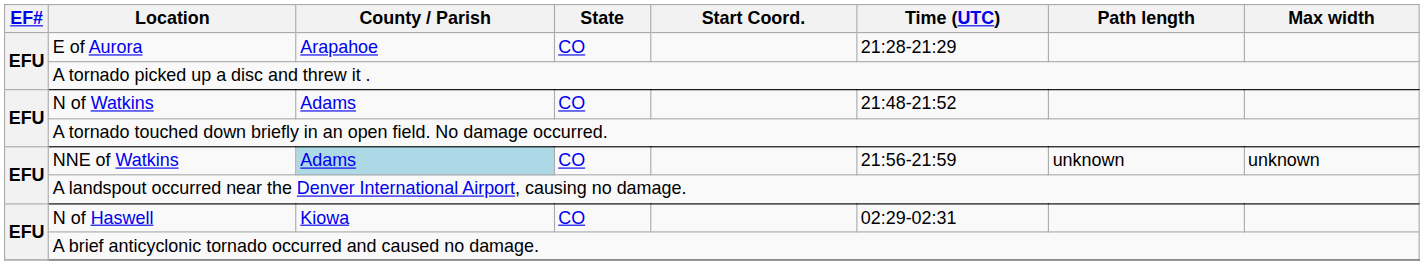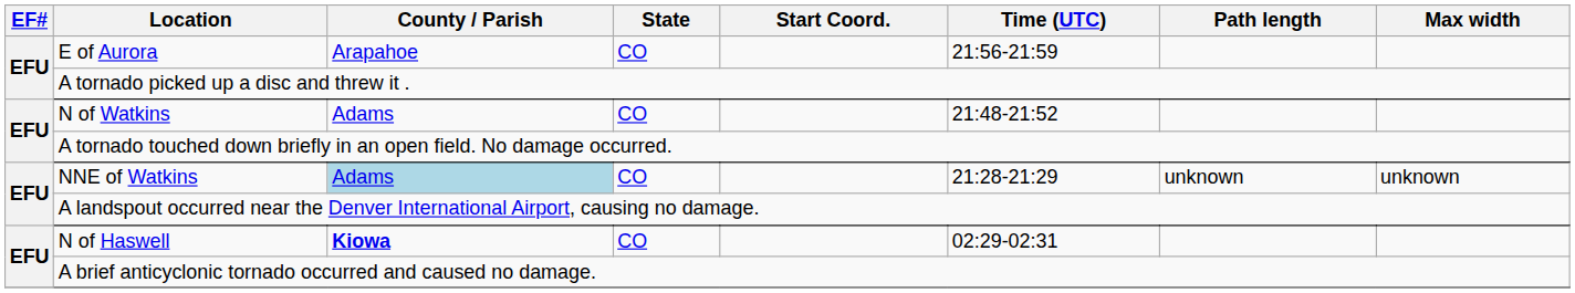 <table class="wikitable sortable" style="width:100%;">
 <tr>
 <th scope="col" width="2%" align="center"><a href='#'>EF#</a></th>
 <th scope="col" align="center" class="unsortable">Location</th>
 <th scope="col" align="center" class="unsortable">County / Parish</th>
 <th scope="col" align="center">State</th>
 <th scope="col" align="center">Start Coord.</th>
 <th scope="col" align="center">Time (<a href='#'>UTC</a>)</th>
 <th scope="col" align="center">Path length</th>
 <th scope="col" align="center">Max width</th>
 </tr>
 <tr>
 <th scope="row" rowspan="2" style="background-color:#">EFU</th>
 <td>E of <a href='#'>Aurora</a></td>
 <td><a href='#'>Arapahoe</a></td>
 <td><a href='#'>CO</a></td>
 <td></td>
-<td>21:28-21:29</td>
+<td>21:56-21:59</td>
 <td></td>
 <td></td>
 </tr>
 <tr class="expand-child">
 <td colspan="8" style=" border-bottom: 1px solid black;">A tornado picked up a  disc and threw it .</td>
 </tr>
 <tr>
 <th scope="row" rowspan="2" style="background-color:#">EFU</th>
 <td>N of <a href='#'>Watkins</a></td>
 <td><a href='#'>Adams</a></td>
 <td><a href='#'>CO</a></td>
 <td></td>
 <td>21:48-21:52</td>
 <td></td>
 <td></td>
 </tr>
 <tr class="expand-child">
 <td colspan="8" style=" border-bottom: 1px solid black;">A tornado touched down briefly in an open field. No damage occurred.</td>
 </tr>
 <tr>
 <th scope="row" rowspan="2" style="background-color:#">EFU</th>
 <td>NNE of <a href='#'>Watkins</a></td>
 <td style="background: lightblue;"><a href='#'>Adams</a></td>
 <td><a href='#'>CO</a></td>
 <td></td>
-<td>21:56-21:59</td>
+<td>21:28-21:29</td>
 <td>unknown</td>
 <td>unknown</td>
 </tr>
 <tr class="expand-child">
 <td colspan="8" style=" border-bottom: 1px solid black;">A landspout occurred near the <a href='#'>Denver International Airport</a>, causing no damage.</td>
 </tr>
 <tr>
 <th scope="row" rowspan="2" style="background-color:#">EFU</th>
 <td>N of <a href='#'>Haswell</a></td>
-<td><a href='#'>Kiowa</a></td>
+<td><strong><a href='#'>Kiowa</a></strong></td>
 <td><a href='#'>CO</a></td>
 <td></td>
 <td>02:29-02:31</td>
 <td></td>
 <td></td>
 </tr>
 <tr class="expand-child">
 <td colspan="8" style=" border-bottom: 1px solid black;">A brief anticyclonic tornado occurred and caused no damage.</td>
 </tr>
 <tr>
 </tr>
 </table>
